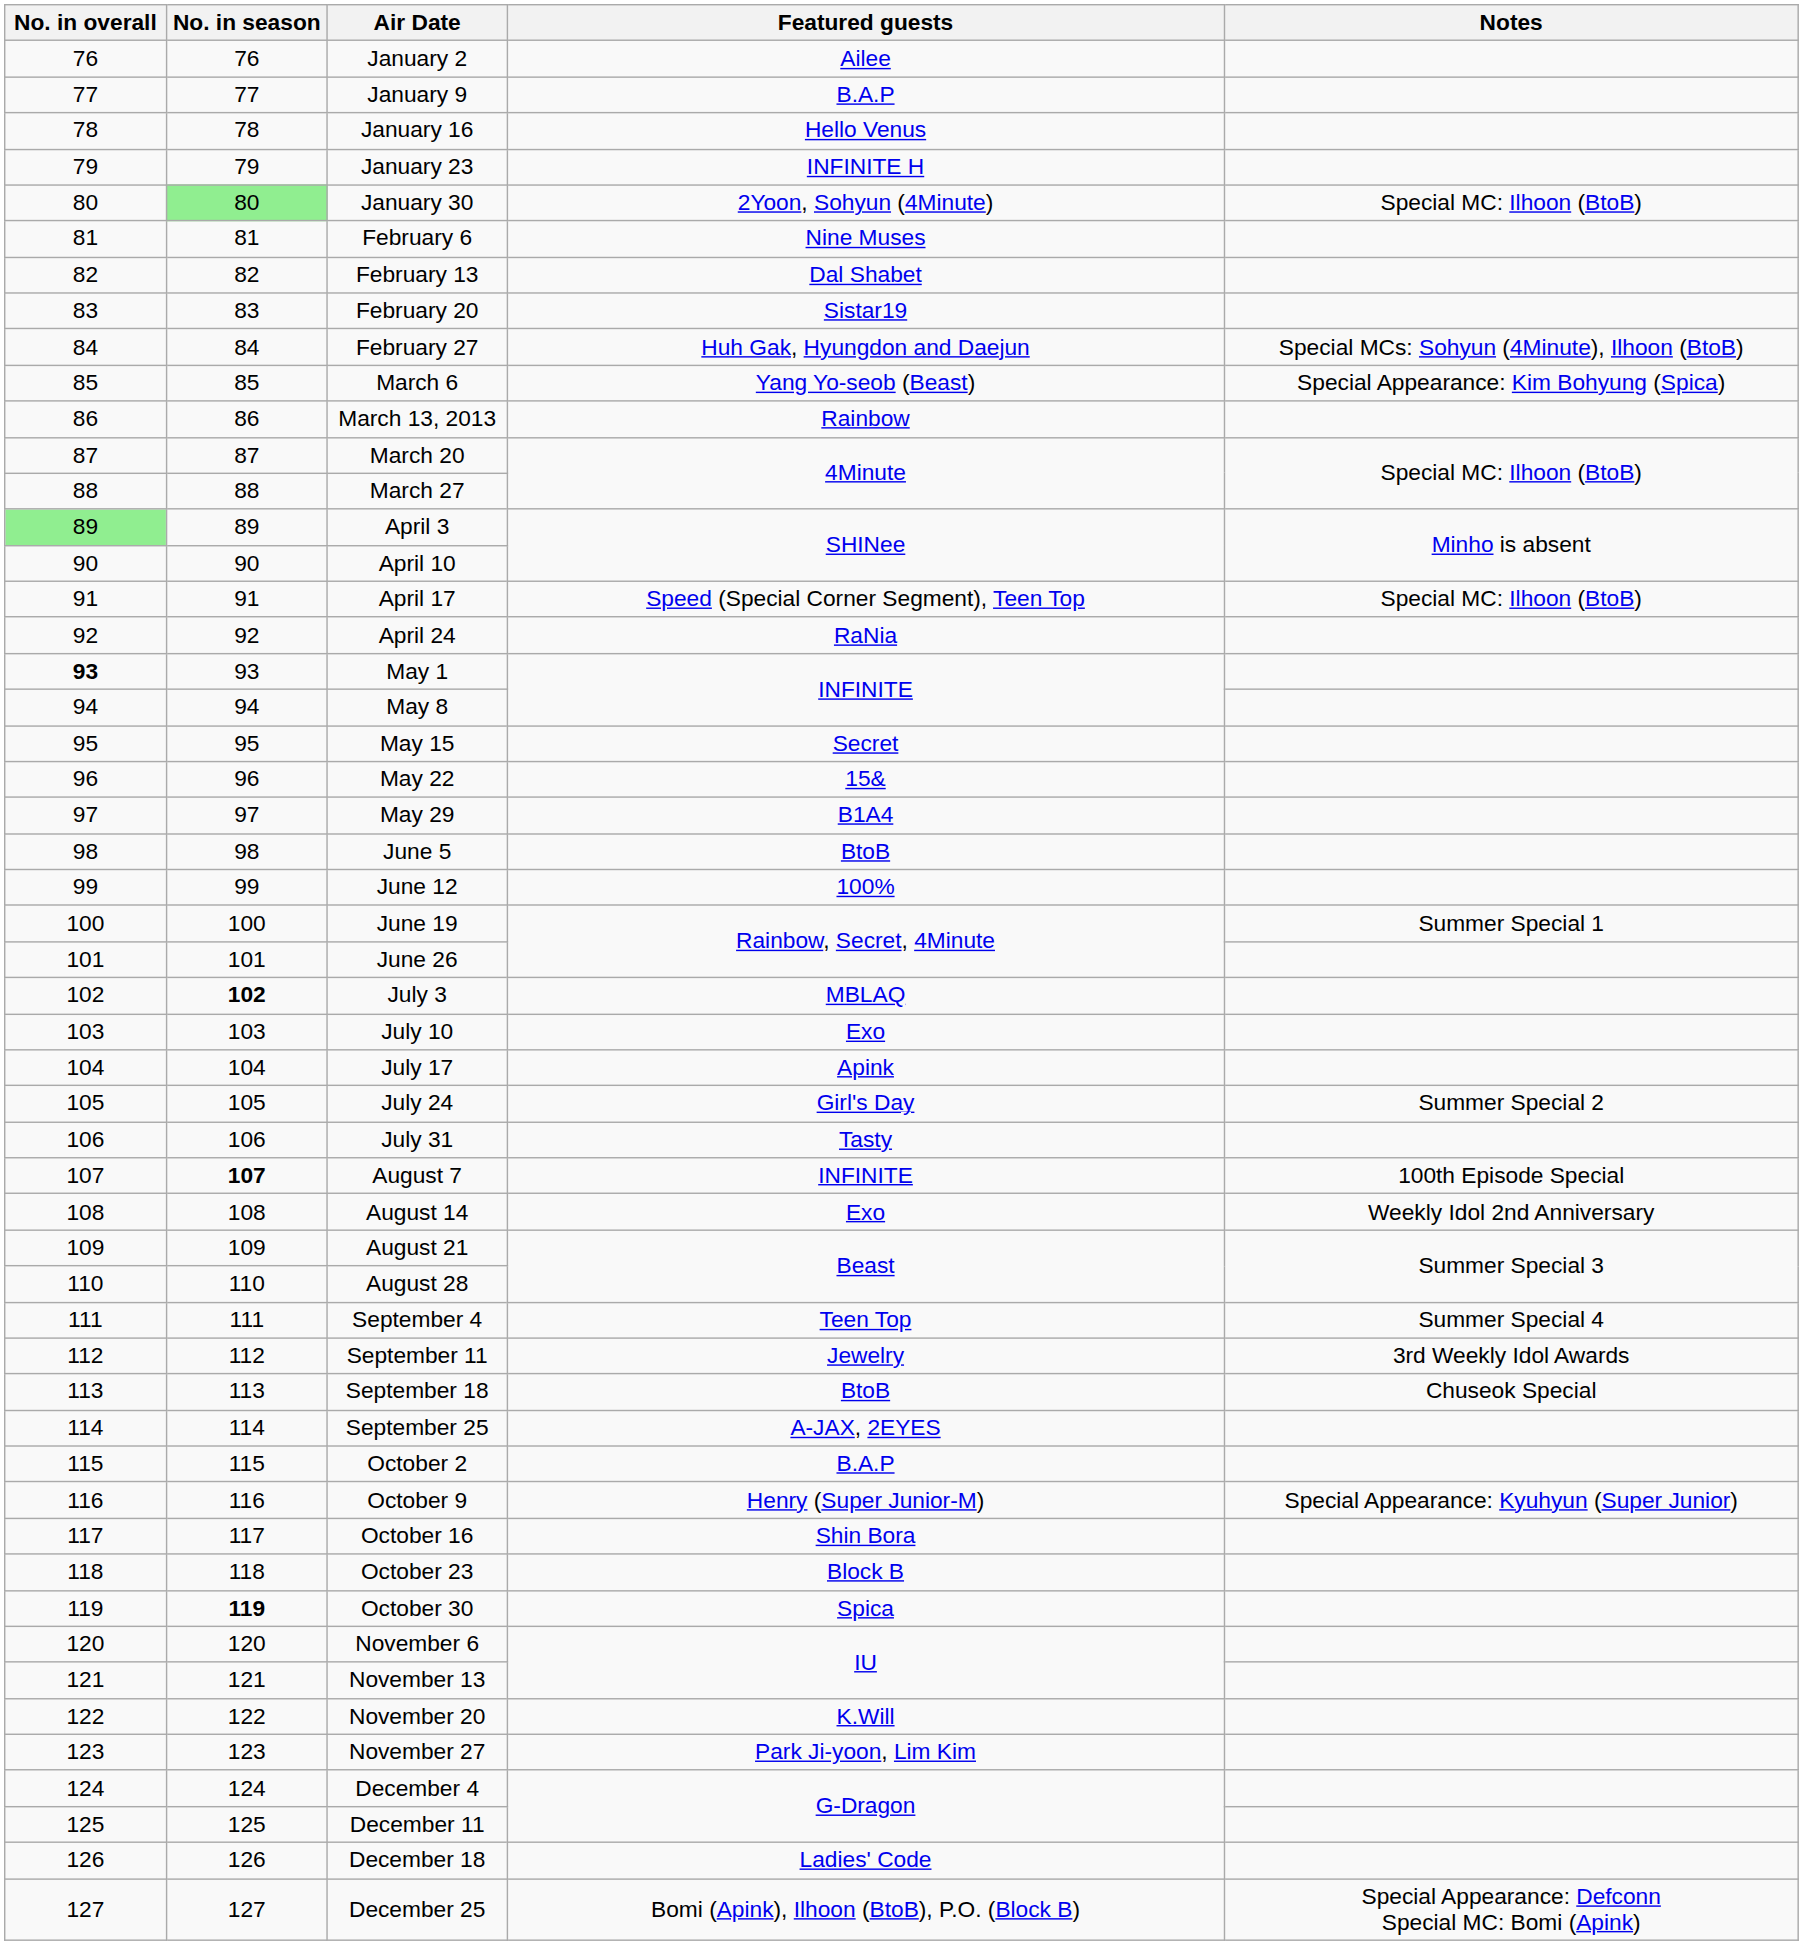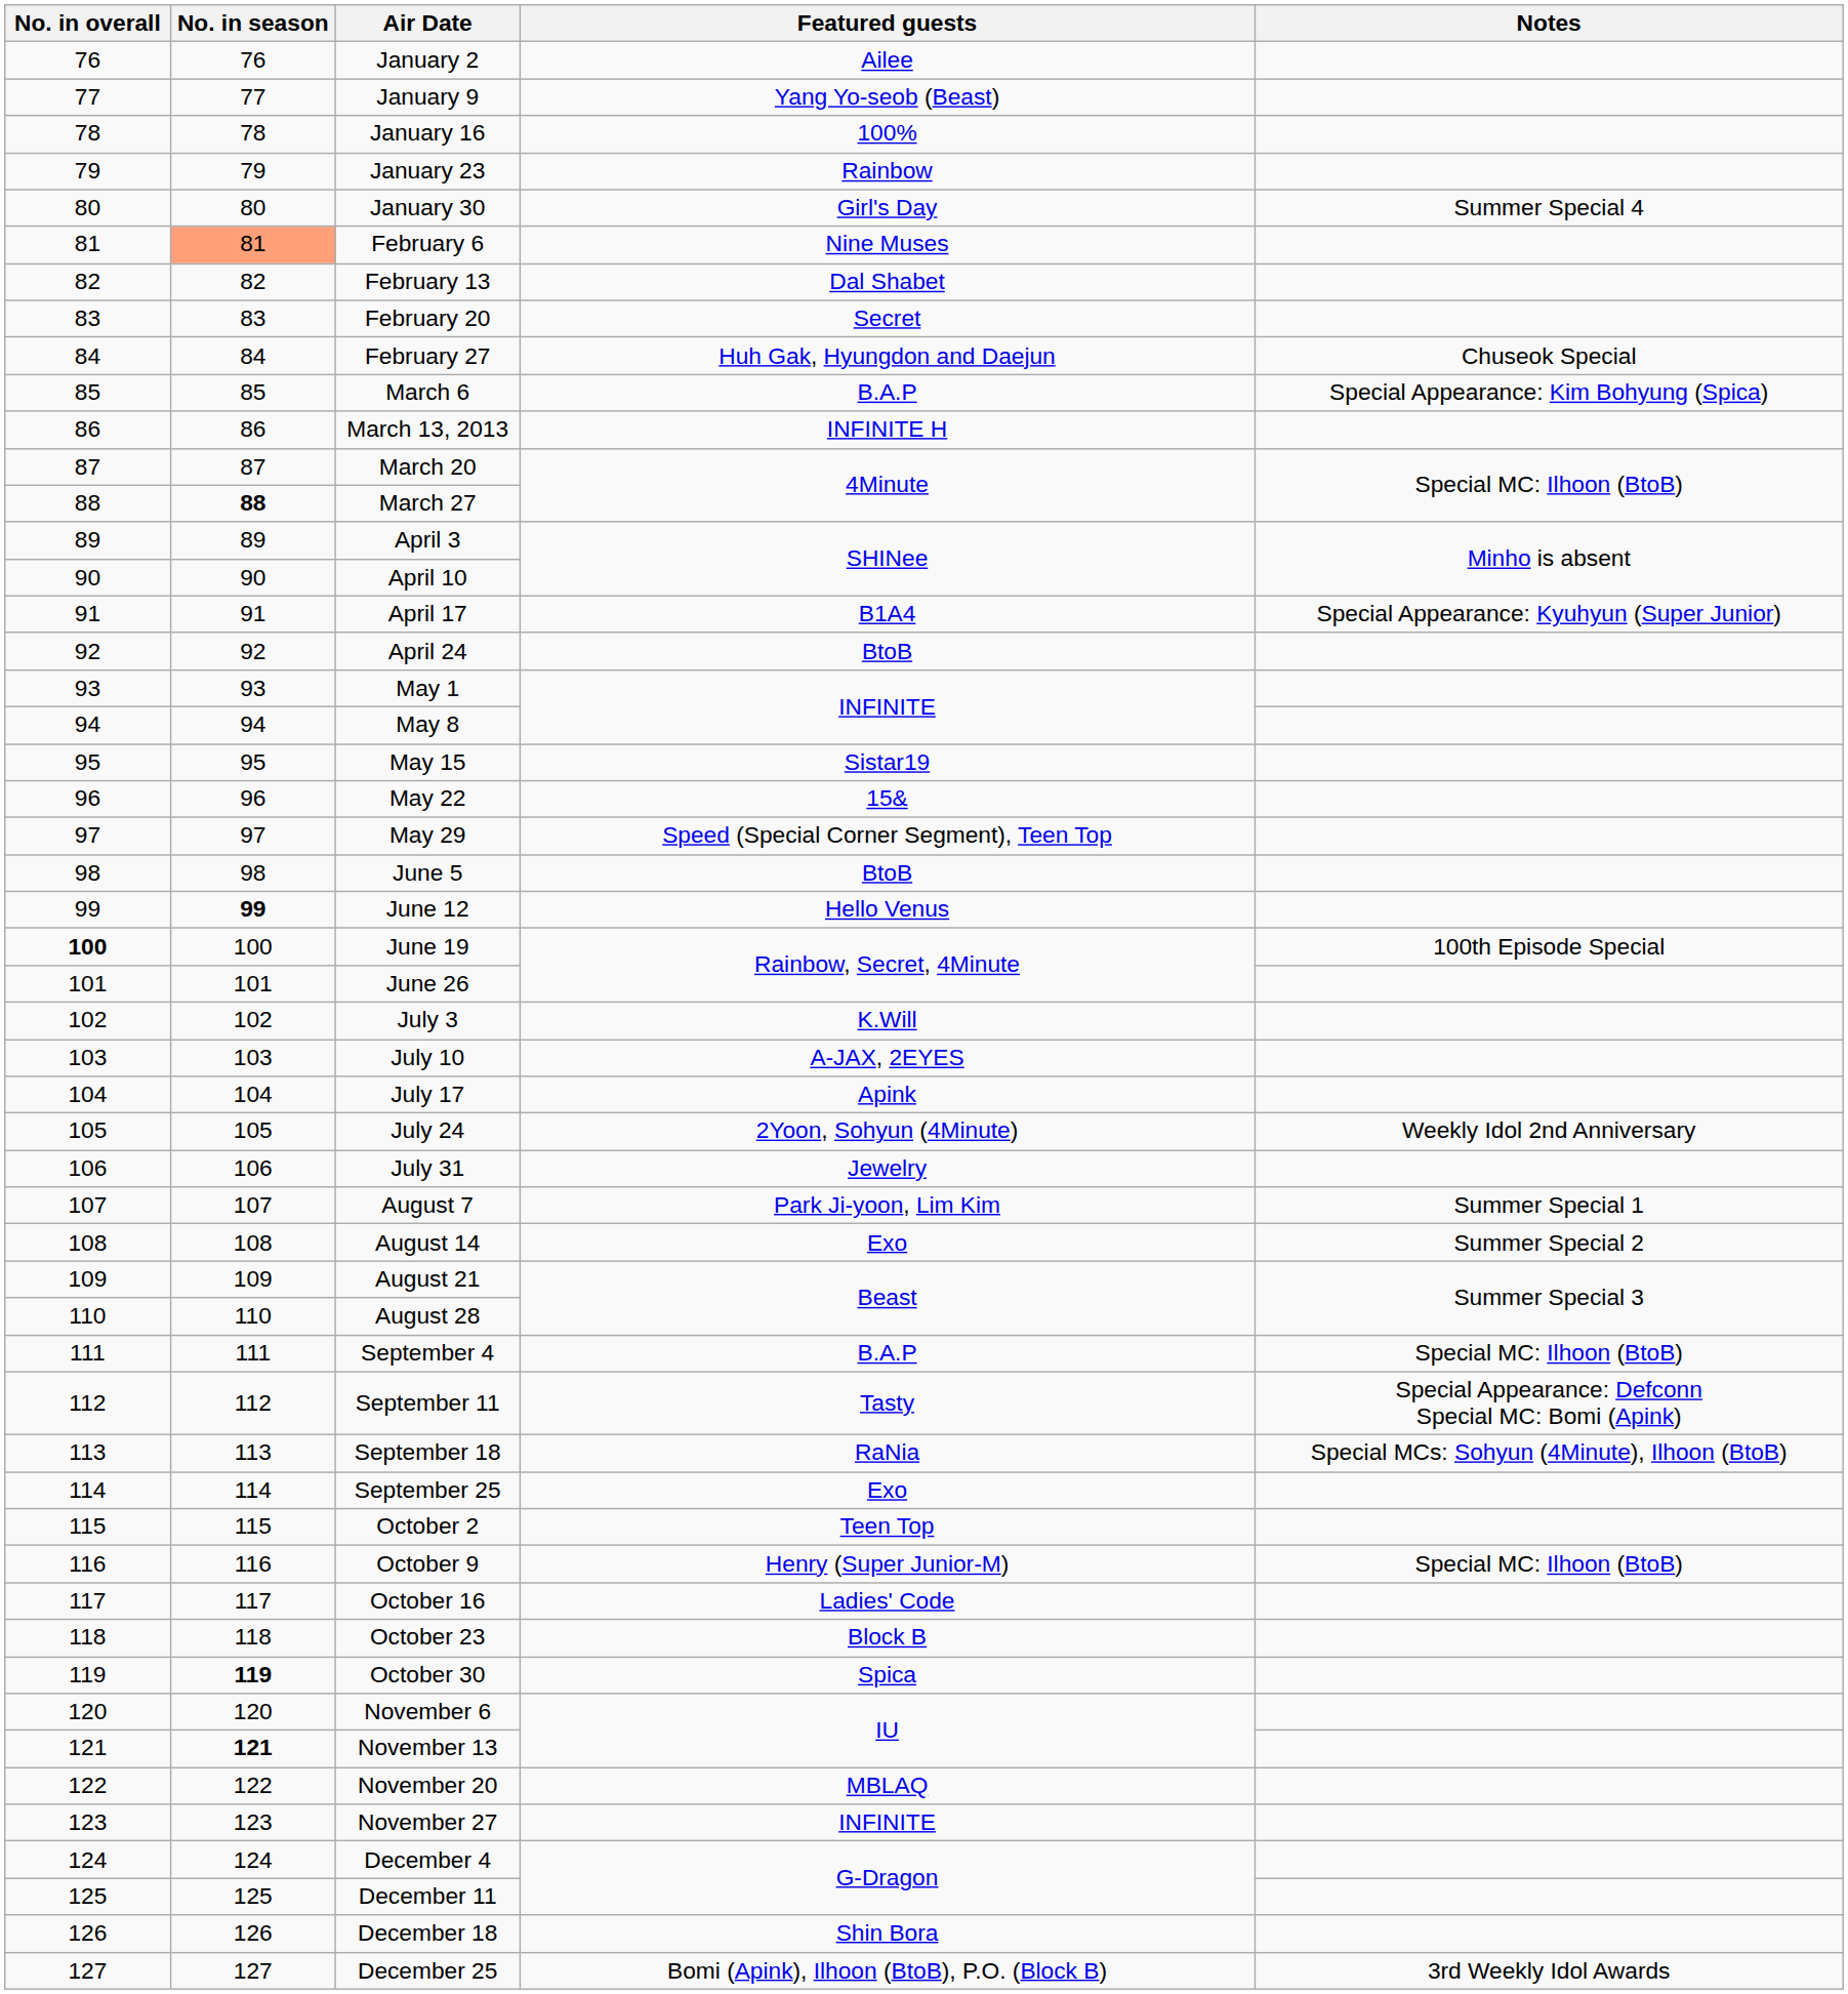 <table class="wikitable" style="text-align:center; width:100%">
 <tr>
 <th width="9%">No. in overall</th>
 <th width="9%">No. in season</th>
 <th width="10%">Air Date</th>
 <th width="40%">Featured guests</th>
 <th width="32%">Notes</th>
 </tr>
 <tr>
 <td>76</td>
 <td>76</td>
 <td>January 2</td>
 <td><a href='#'>Ailee</a></td>
 <td></td>
 </tr>
 <tr>
 <td>77</td>
 <td>77</td>
 <td>January 9</td>
-<td><a href='#'>B.A.P</a></td>
+<td><a href='#'>Yang Yo-seob</a> (<a href='#'>Beast</a>)</td>
 <td></td>
 </tr>
 <tr>
 <td>78</td>
 <td>78</td>
 <td>January 16</td>
-<td><a href='#'>Hello Venus</a></td>
+<td><a href='#'>100%</a></td>
 <td></td>
 </tr>
 <tr>
 <td>79</td>
 <td>79</td>
 <td>January 23</td>
-<td><a href='#'>INFINITE H</a></td>
+<td><a href='#'>Rainbow</a></td>
 <td></td>
 </tr>
 <tr>
 <td>80</td>
-<td style="background: lightgreen;">80</td>
+<td>80</td>
 <td>January 30</td>
-<td><a href='#'>2Yoon</a>, <a href='#'>Sohyun</a> (<a href='#'>4Minute</a>)</td>
-<td>Special MC: <a href='#'>Ilhoon</a> (<a href='#'>BtoB</a>)</td>
+<td><a href='#'>Girl's Day</a></td>
+<td>Summer Special 4</td>
 </tr>
 <tr>
 <td>81</td>
-<td>81</td>
+<td style="background: lightsalmon;">81</td>
 <td>February 6</td>
 <td><a href='#'>Nine Muses</a></td>
 <td></td>
 </tr>
 <tr>
 <td>82</td>
 <td>82</td>
 <td>February 13</td>
 <td><a href='#'>Dal Shabet</a></td>
 <td></td>
 </tr>
 <tr>
 <td>83</td>
 <td>83</td>
 <td>February 20</td>
-<td><a href='#'>Sistar19</a></td>
+<td><a href='#'>Secret</a></td>
 <td></td>
 </tr>
 <tr>
 <td>84</td>
 <td>84</td>
 <td>February 27</td>
 <td><a href='#'>Huh Gak</a>, <a href='#'>Hyungdon and Daejun</a></td>
-<td>Special MCs: <a href='#'>Sohyun</a> (<a href='#'>4Minute</a>), <a href='#'>Ilhoon</a> (<a href='#'>BtoB</a>)</td>
+<td>Chuseok Special</td>
 </tr>
 <tr>
 <td>85</td>
 <td>85</td>
 <td>March 6</td>
-<td><a href='#'>Yang Yo-seob</a> (<a href='#'>Beast</a>)</td>
+<td><a href='#'>B.A.P</a></td>
 <td>Special Appearance: <a href='#'>Kim Bohyung</a> (<a href='#'>Spica</a>)</td>
 </tr>
 <tr>
 <td>86</td>
 <td>86</td>
 <td>March 13, 2013</td>
-<td><a href='#'>Rainbow</a></td>
+<td><a href='#'>INFINITE H</a></td>
 <td></td>
 </tr>
 <tr>
 <td>87</td>
 <td>87</td>
 <td>March 20</td>
 <td rowspan=2><a href='#'>4Minute</a></td>
 <td rowspan=2>Special MC: <a href='#'>Ilhoon</a> (<a href='#'>BtoB</a>)</td>
 </tr>
 <tr>
 <td>88</td>
-<td>88</td>
+<td><strong>88</strong></td>
 <td>March 27</td>
 </tr>
 <tr>
-<td style="background: lightgreen;">89</td>
+<td>89</td>
 <td>89</td>
 <td>April 3</td>
 <td rowspan=2><a href='#'>SHINee</a></td>
 <td rowspan=2><a href='#'>Minho</a> is absent</td>
 </tr>
 <tr>
 <td>90</td>
 <td>90</td>
 <td>April 10</td>
 </tr>
 <tr>
 <td>91</td>
 <td>91</td>
 <td>April 17</td>
-<td><a href='#'>Speed</a> (Special Corner Segment), <a href='#'>Teen Top</a></td>
-<td>Special MC: <a href='#'>Ilhoon</a> (<a href='#'>BtoB</a>)</td>
+<td><a href='#'>B1A4</a></td>
+<td>Special Appearance: <a href='#'>Kyuhyun</a> (<a href='#'>Super Junior</a>)</td>
 </tr>
 <tr>
 <td>92</td>
 <td>92</td>
 <td>April 24</td>
-<td><a href='#'>RaNia</a></td>
+<td><a href='#'>BtoB</a></td>
 <td></td>
 </tr>
 <tr>
-<td><strong>93</strong></td>
+<td>93</td>
 <td>93</td>
 <td>May 1</td>
 <td rowspan=2><a href='#'>INFINITE</a></td>
 <td></td>
 </tr>
 <tr>
 <td>94</td>
 <td>94</td>
 <td>May 8</td>
 <td></td>
 </tr>
 <tr>
 <td>95</td>
 <td>95</td>
 <td>May 15</td>
-<td><a href='#'>Secret</a></td>
+<td><a href='#'>Sistar19</a></td>
 <td></td>
 </tr>
 <tr>
 <td>96</td>
 <td>96</td>
 <td>May 22</td>
 <td><a href='#'>15&</a></td>
 <td></td>
 </tr>
 <tr>
 <td>97</td>
 <td>97</td>
 <td>May 29</td>
-<td><a href='#'>B1A4</a></td>
+<td><a href='#'>Speed</a> (Special Corner Segment), <a href='#'>Teen Top</a></td>
 <td></td>
 </tr>
 <tr>
 <td>98</td>
 <td>98</td>
 <td>June 5</td>
 <td><a href='#'>BtoB</a></td>
 <td></td>
 </tr>
 <tr>
 <td>99</td>
-<td>99</td>
+<td><strong>99</strong></td>
 <td>June 12</td>
-<td><a href='#'>100%</a></td>
+<td><a href='#'>Hello Venus</a></td>
 <td></td>
 </tr>
 <tr>
-<td>100</td>
+<td><strong>100</strong></td>
 <td>100</td>
 <td>June 19</td>
 <td rowspan=2><a href='#'>Rainbow</a>, <a href='#'>Secret</a>, <a href='#'>4Minute</a></td>
-<td>Summer Special 1</td>
+<td>100th Episode Special</td>
 </tr>
 <tr>
 <td>101</td>
 <td>101</td>
 <td>June 26</td>
 <td></td>
 </tr>
 <tr>
 <td>102</td>
-<td><strong>102</strong></td>
+<td>102</td>
 <td>July 3</td>
-<td><a href='#'>MBLAQ</a></td>
+<td><a href='#'>K.Will</a></td>
 <td></td>
 </tr>
 <tr>
 <td>103</td>
 <td>103</td>
 <td>July 10</td>
-<td><a href='#'>Exo</a></td>
+<td><a href='#'>A-JAX</a>, <a href='#'>2EYES</a></td>
 <td></td>
 </tr>
 <tr>
 <td>104</td>
 <td>104</td>
 <td>July 17</td>
 <td><a href='#'>Apink</a></td>
 <td></td>
 </tr>
 <tr>
 <td>105</td>
 <td>105</td>
 <td>July 24</td>
-<td><a href='#'>Girl's Day</a></td>
-<td>Summer Special 2</td>
+<td><a href='#'>2Yoon</a>, <a href='#'>Sohyun</a> (<a href='#'>4Minute</a>)</td>
+<td>Weekly Idol 2nd Anniversary</td>
 </tr>
 <tr>
 <td>106</td>
 <td>106</td>
 <td>July 31</td>
-<td><a href='#'>Tasty</a></td>
+<td><a href='#'>Jewelry</a></td>
 <td></td>
 </tr>
 <tr>
 <td>107</td>
-<td><strong>107</strong></td>
+<td>107</td>
 <td>August 7</td>
-<td><a href='#'>INFINITE</a></td>
-<td>100th Episode Special</td>
+<td><a href='#'>Park Ji-yoon</a>, <a href='#'>Lim Kim</a></td>
+<td>Summer Special 1</td>
 </tr>
 <tr>
 <td>108</td>
 <td>108</td>
 <td>August 14</td>
 <td><a href='#'>Exo</a></td>
-<td>Weekly Idol 2nd Anniversary</td>
+<td>Summer Special 2</td>
 </tr>
 <tr>
 <td>109</td>
 <td>109</td>
 <td>August 21</td>
 <td rowspan=2><a href='#'>Beast</a></td>
 <td rowspan=2>Summer Special 3</td>
 </tr>
 <tr>
 <td>110</td>
 <td>110</td>
 <td>August 28</td>
 </tr>
 <tr>
 <td>111</td>
 <td>111</td>
 <td>September 4</td>
-<td><a href='#'>Teen Top</a></td>
-<td>Summer Special 4</td>
+<td><a href='#'>B.A.P</a></td>
+<td>Special MC: <a href='#'>Ilhoon</a> (<a href='#'>BtoB</a>)</td>
 </tr>
 <tr>
 <td>112</td>
 <td>112</td>
 <td>September 11</td>
-<td><a href='#'>Jewelry</a></td>
-<td>3rd Weekly Idol Awards</td>
+<td><a href='#'>Tasty</a></td>
+<td>Special Appearance: <a href='#'>Defconn</a><br>Special MC: Bomi (<a href='#'>Apink</a>)</td>
 </tr>
 <tr>
 <td>113</td>
 <td>113</td>
 <td>September 18</td>
-<td><a href='#'>BtoB</a></td>
-<td>Chuseok Special</td>
+<td><a href='#'>RaNia</a></td>
+<td>Special MCs: <a href='#'>Sohyun</a> (<a href='#'>4Minute</a>), <a href='#'>Ilhoon</a> (<a href='#'>BtoB</a>)</td>
 </tr>
 <tr>
 <td>114</td>
 <td>114</td>
 <td>September 25</td>
-<td><a href='#'>A-JAX</a>, <a href='#'>2EYES</a></td>
+<td><a href='#'>Exo</a></td>
 <td></td>
 </tr>
 <tr>
 <td>115</td>
 <td>115</td>
 <td>October 2</td>
-<td><a href='#'>B.A.P</a></td>
+<td><a href='#'>Teen Top</a></td>
 <td></td>
 </tr>
 <tr>
 <td>116</td>
 <td>116</td>
 <td>October 9</td>
 <td><a href='#'>Henry</a> (<a href='#'>Super Junior-M</a>)</td>
-<td>Special Appearance: <a href='#'>Kyuhyun</a> (<a href='#'>Super Junior</a>)</td>
+<td>Special MC: <a href='#'>Ilhoon</a> (<a href='#'>BtoB</a>)</td>
 </tr>
 <tr>
 <td>117</td>
 <td>117</td>
 <td>October 16</td>
-<td><a href='#'>Shin Bora</a></td>
+<td><a href='#'>Ladies' Code</a></td>
 <td></td>
 </tr>
 <tr>
 <td>118</td>
 <td>118</td>
 <td>October 23</td>
 <td><a href='#'>Block B</a></td>
 <td></td>
 </tr>
 <tr>
 <td>119</td>
 <td><strong>119</strong></td>
 <td>October 30</td>
 <td><a href='#'>Spica</a></td>
 <td></td>
 </tr>
 <tr>
 <td>120</td>
 <td>120</td>
 <td>November 6</td>
 <td rowspan=2><a href='#'>IU</a></td>
 <td></td>
 </tr>
 <tr>
 <td>121</td>
-<td>121</td>
+<td><strong>121</strong></td>
 <td>November 13</td>
 <td></td>
 </tr>
 <tr>
 <td>122</td>
 <td>122</td>
 <td>November 20</td>
-<td><a href='#'>K.Will</a></td>
+<td><a href='#'>MBLAQ</a></td>
 <td></td>
 </tr>
 <tr>
 <td>123</td>
 <td>123</td>
 <td>November 27</td>
-<td><a href='#'>Park Ji-yoon</a>, <a href='#'>Lim Kim</a></td>
+<td><a href='#'>INFINITE</a></td>
 <td></td>
 </tr>
 <tr>
 <td>124</td>
 <td>124</td>
 <td>December 4</td>
 <td rowspan=2><a href='#'>G-Dragon</a></td>
 <td></td>
 </tr>
 <tr>
 <td>125</td>
 <td>125</td>
 <td>December 11</td>
 <td></td>
 </tr>
 <tr>
 <td>126</td>
 <td>126</td>
 <td>December 18</td>
-<td><a href='#'>Ladies' Code</a></td>
+<td><a href='#'>Shin Bora</a></td>
 <td></td>
 </tr>
 <tr>
 <td>127</td>
 <td>127</td>
 <td>December 25</td>
 <td>Bomi (<a href='#'>Apink</a>), <a href='#'>Ilhoon</a> (<a href='#'>BtoB</a>), P.O. (<a href='#'>Block B</a>)</td>
-<td>Special Appearance: <a href='#'>Defconn</a><br>Special MC: Bomi (<a href='#'>Apink</a>)</td>
+<td>3rd Weekly Idol Awards</td>
 </tr>
 </table>
